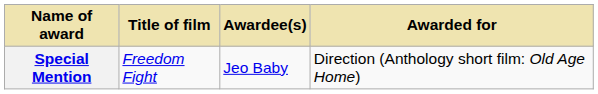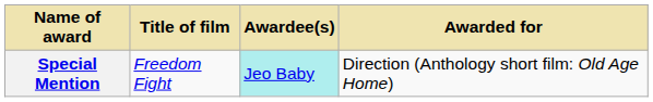 <table class="wikitable plainrowheaders">
 <tr>
 <th style="background-color:#EFE4B0">Name of award</th>
 <th style="background-color:#EFE4B0">Title of film</th>
 <th style="background-color:#EFE4B0">Awardee(s)</th>
 <th style="background-color:#EFE4B0" class="unsortable">Awarded for</th>
 </tr>
 <tr>
 <th scope="row" rowspan="2"><a href='#'>Special Mention</a></th>
 <td><em><a href='#'>Freedom Fight</a></em></td>
-<td><a href='#'>Jeo Baby</a></td>
+<td style="background: paleturquoise;"><a href='#'>Jeo Baby</a></td>
 <td>Direction (Anthology short film: <em>Old Age Home</em>)</td>
 </tr>
 </table>
